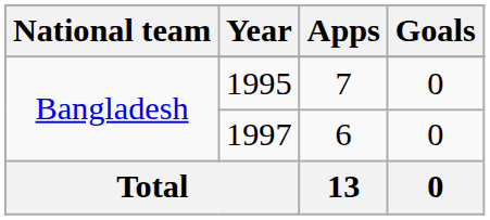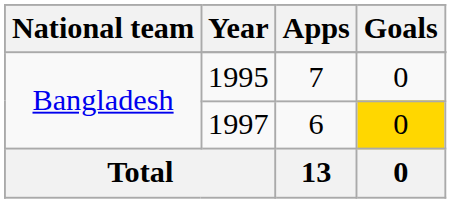 <table class="wikitable" style="text-align:center">
 <tr>
 <th>National team</th>
 <th>Year</th>
 <th>Apps</th>
 <th>Goals</th>
 </tr>
 <tr>
 <td rowspan="3"><a href='#'>Bangladesh</a></td>
 </tr>
 <tr>
 <td>1995</td>
 <td>7</td>
 <td>0</td>
 </tr>
 <tr>
 <td>1997</td>
 <td>6</td>
-<td>0</td>
+<td style="background: gold;">0</td>
 </tr>
 <tr>
 <th colspan="2">Total</th>
 <th>13</th>
 <th>0</th>
 </tr>
 </table>
